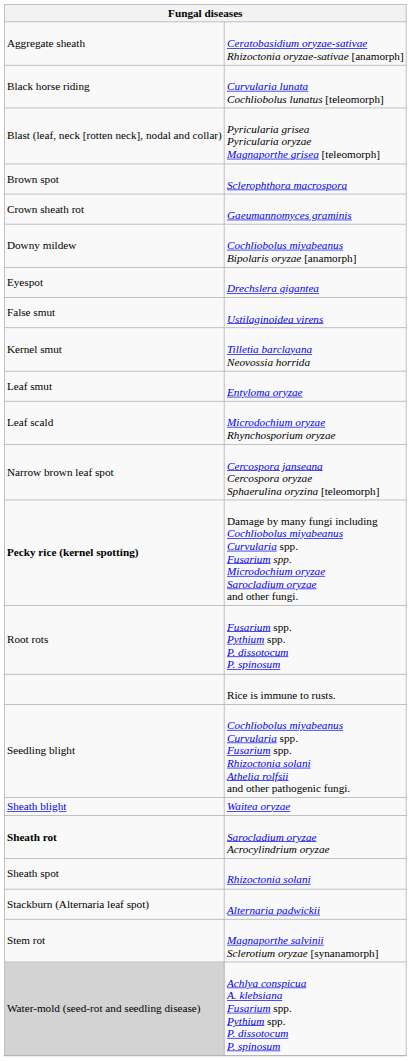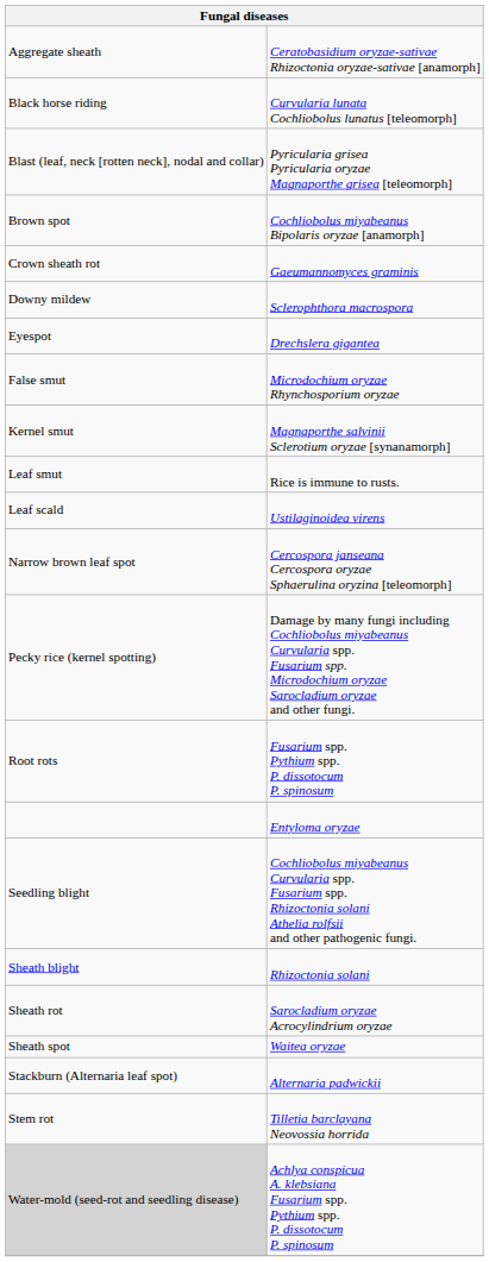 <table class="wikitable" style="clear">
 <tr>
 <th colspan=2>Fungal diseases<br></th>
 </tr>
 <tr>
 <td>Aggregate sheath</td>
 <td><br><em><a href='#'>Ceratobasidium oryzae-sativae</a></em><br> <em>Rhizoctonia oryzae-sativae</em> [anamorph]</td>
 </tr>
 <tr>
 <td>Black horse riding</td>
 <td><br><em><a href='#'>Curvularia lunata</a></em><br> <em>Cochliobolus lunatus</em> [teleomorph]</td>
 </tr>
 <tr>
 <td>Blast (leaf, neck [rotten neck], nodal and collar)</td>
 <td><br><em>Pyricularia grisea</em> <br>  <em>Pyricularia oryzae</em><br> <em><a href='#'>Magnaporthe grisea</a></em> [teleomorph]</td>
 </tr>
 <tr>
 <td>Brown spot</td>
-<td><br><em><a href='#'>Sclerophthora macrospora</a></em></td>
+<td><br><em><a href='#'>Cochliobolus miyabeanus</a></em><br> <em>Bipolaris oryzae</em> [anamorph]</td>
 </tr>
 <tr>
 <td>Crown sheath rot</td>
 <td><br><em><a href='#'>Gaeumannomyces graminis</a></em></td>
 </tr>
 <tr>
 <td>Downy mildew</td>
-<td><br><em><a href='#'>Cochliobolus miyabeanus</a></em><br> <em>Bipolaris oryzae</em> [anamorph]</td>
+<td><br><em><a href='#'>Sclerophthora macrospora</a></em></td>
 </tr>
 <tr>
 <td>Eyespot</td>
 <td><br><em><a href='#'>Drechslera gigantea</a></em></td>
 </tr>
 <tr>
 <td>False smut</td>
-<td><br><em><a href='#'>Ustilaginoidea virens</a></em></td>
+<td><br><em><a href='#'>Microdochium oryzae</a></em> <br>  <em>Rhynchosporium oryzae</em></td>
 </tr>
 <tr>
 <td>Kernel smut</td>
-<td><br><em><a href='#'>Tilletia barclayana</a></em> <br>  <em>Neovossia horrida</em></td>
+<td><br><em><a href='#'>Magnaporthe salvinii</a></em><br> <em>Sclerotium oryzae</em> [synanamorph]</td>
 </tr>
 <tr>
 <td>Leaf smut</td>
-<td><br><em><a href='#'>Entyloma oryzae</a></em></td>
+<td><br>Rice is immune to rusts.</td>
 </tr>
 <tr>
 <td>Leaf scald</td>
-<td><br><em><a href='#'>Microdochium oryzae</a></em> <br>  <em>Rhynchosporium oryzae</em></td>
+<td><br><em><a href='#'>Ustilaginoidea virens</a></em></td>
 </tr>
 <tr>
 <td>Narrow brown leaf spot</td>
 <td><br><em><a href='#'>Cercospora janseana</a></em> <br>  <em>Cercospora oryzae</em><br> <em>Sphaerulina oryzina</em> [teleomorph]</td>
 </tr>
 <tr>
-<td><strong>Pecky rice (kernel spotting)</strong></td>
+<td>Pecky rice (kernel spotting)</td>
 <td><br>Damage by many fungi including <br> <em><a href='#'>Cochliobolus miyabeanus</a></em><br> <em><a href='#'>Curvularia</a></em> spp.<br> <em><a href='#'>Fusarium</a> spp.</em><br> <em><a href='#'>Microdochium oryzae</a></em><br> <em><a href='#'>Sarocladium oryzae</a></em><br> and other fungi.</td>
 </tr>
 <tr>
 <td>Root rots</td>
 <td><br><em><a href='#'>Fusarium</a></em> spp. <br> <em><a href='#'>Pythium</a></em> spp. <br> <em><a href='#'>P. dissotocum</a></em><br> <em><a href='#'>P. spinosum</a></em></td>
 </tr>
 <tr>
 <td></td>
-<td><br>Rice is immune to rusts.</td>
+<td><br><em><a href='#'>Entyloma oryzae</a></em></td>
 </tr>
 <tr>
 <td>Seedling blight</td>
 <td><br><em><a href='#'>Cochliobolus miyabeanus</a></em><br> <em><a href='#'>Curvularia</a></em> spp.<br> <em><a href='#'>Fusarium</a></em> spp.<br> <em><a href='#'>Rhizoctonia solani</a></em><br> <em><a href='#'>Athelia rolfsii</a></em> <br> and other pathogenic fungi.</td>
 </tr>
 <tr>
 <td><a href='#'>Sheath blight</a></td>
-<td><em><a href='#'>Waitea oryzae</a></em></td>
+<td><br><em><a href='#'>Rhizoctonia solani</a></em></td>
 </tr>
 <tr>
-<td><strong>Sheath rot</strong></td>
+<td>Sheath rot</td>
 <td><br><em><a href='#'>Sarocladium oryzae</a></em> <br>  <em>Acrocylindrium oryzae</em></td>
 </tr>
 <tr>
 <td>Sheath spot</td>
-<td><br><em><a href='#'>Rhizoctonia solani</a></em></td>
+<td><em><a href='#'>Waitea oryzae</a></em></td>
 </tr>
 <tr>
 <td>Stackburn (Alternaria leaf spot)</td>
 <td><br><em><a href='#'>Alternaria padwickii</a></em></td>
 </tr>
 <tr>
 <td>Stem rot</td>
-<td><br><em><a href='#'>Magnaporthe salvinii</a></em><br> <em>Sclerotium oryzae</em> [synanamorph]</td>
+<td><br><em><a href='#'>Tilletia barclayana</a></em> <br>  <em>Neovossia horrida</em></td>
 </tr>
 <tr>
 <td style="background: lightgrey;">Water-mold (seed-rot and seedling disease)</td>
 <td><br><em><a href='#'>Achlya conspicua</a></em><br> <em><a href='#'>A. klebsiana</a></em><br> <em><a href='#'>Fusarium</a></em> spp. <br> <em><a href='#'>Pythium</a></em> spp. <br> <em><a href='#'>P. dissotocum</a></em><br> <em><a href='#'>P. spinosum</a></em></td>
 </tr>
 <tr>
 </tr>
 </table>
